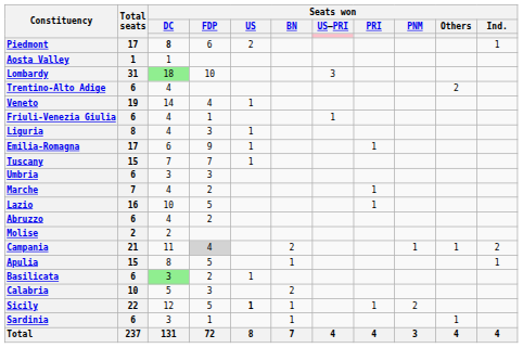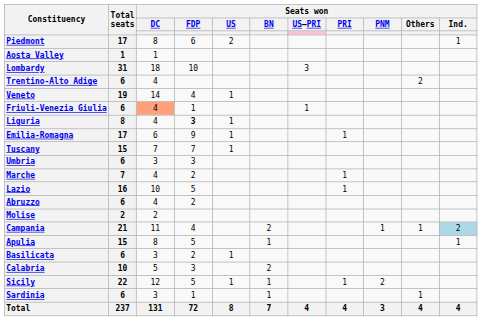 <table class="wikitable" style="text-align:center; font-size: 0.9em">
 <tr>
 <th rowspan="3">Constituency</th>
 <th rowspan="3">Total<br>seats</th>
 <th colspan="9">Seats won</th>
 </tr>
 <tr>
 <th class="unsortable" style="width:50px;"><a href='#'>DC</a></th>
 <th class="unsortable" style="width:50px;"><a href='#'>FDP</a></th>
 <th class="unsortable" style="width:50px;"><a href='#'>US</a></th>
 <th class="unsortable" style="width:50px;"><a href='#'>BN</a></th>
 <th class="unsortable" style="width:50px;"><a href='#'>US</a>–<a href='#'>PRI</a></th>
 <th class="unsortable" style="width:50px;"><a href='#'>PRI</a></th>
 <th class="unsortable" style="width:50px;"><a href='#'>PNM</a></th>
 <th class="unsortable" style="width:50px;">Others</th>
 <th class="unsortable" style="width:50px;">Ind.</th>
 </tr>
 <tr>
 <th style="background:"></th>
 <th style="background:"></th>
 <th style="background:"></th>
 <th style="background:"></th>
 <th style="background-color:pink"></th>
 <th style="background:"></th>
 <th style="background:"></th>
 <th style="background:"></th>
 <th style="background:"></th>
 </tr>
 <tr>
 <th style="text-align: left;"><a href='#'>Piedmont</a></th>
 <th>17</th>
-<td><strong>8</strong></td>
+<td>8</td>
 <td>6</td>
 <td>2</td>
 <td></td>
 <td></td>
 <td></td>
 <td></td>
 <td></td>
 <td>1</td>
 </tr>
 <tr>
 <th style="text-align: left;"><a href='#'>Aosta Valley</a></th>
 <th>1</th>
 <td>1</td>
 <td></td>
 <td></td>
 <td></td>
 <td></td>
 <td></td>
 <td></td>
 <td></td>
 <td></td>
 </tr>
 <tr>
 <th style="text-align: left;"><a href='#'>Lombardy</a></th>
 <th>31</th>
-<td style="background: lightgreen;">18</td>
+<td>18</td>
 <td>10</td>
 <td></td>
 <td></td>
 <td>3</td>
 <td></td>
 <td></td>
 <td></td>
 <td></td>
 </tr>
 <tr>
 <th style="text-align: left;"><a href='#'>Trentino-Alto Adige</a></th>
 <th>6</th>
 <td>4</td>
 <td></td>
 <td></td>
 <td></td>
 <td></td>
 <td></td>
 <td></td>
 <td>2</td>
 <td></td>
 </tr>
 <tr>
 <th style="text-align: left;"><a href='#'>Veneto</a></th>
 <th>19</th>
 <td>14</td>
 <td>4</td>
 <td>1</td>
 <td></td>
 <td></td>
 <td></td>
 <td></td>
 <td></td>
 <td></td>
 </tr>
 <tr>
 <th style="text-align: left;"><a href='#'>Friuli-Venezia Giulia</a></th>
 <th>6</th>
-<td>4</td>
+<td style="background: lightsalmon;">4</td>
 <td>1</td>
 <td></td>
 <td></td>
 <td>1</td>
 <td></td>
 <td></td>
 <td></td>
 <td></td>
 </tr>
 <tr>
 <th style="text-align: left;"><a href='#'>Liguria</a></th>
 <th>8</th>
 <td>4</td>
-<td>3</td>
+<td><strong>3</strong></td>
 <td>1</td>
 <td></td>
 <td></td>
 <td></td>
 <td></td>
 <td></td>
 <td></td>
 </tr>
 <tr>
 <th style="text-align: left;"><a href='#'>Emilia-Romagna</a></th>
 <th>17</th>
 <td>6</td>
 <td>9</td>
 <td>1</td>
 <td></td>
 <td></td>
 <td>1</td>
 <td></td>
 <td></td>
 <td></td>
 </tr>
 <tr>
 <th style="text-align: left;"><a href='#'>Tuscany</a></th>
 <th>15</th>
 <td>7</td>
 <td>7</td>
 <td>1</td>
 <td></td>
 <td></td>
 <td></td>
 <td></td>
 <td></td>
 <td></td>
 </tr>
 <tr>
 <th style="text-align: left;"><a href='#'>Umbria</a></th>
 <th>6</th>
 <td>3</td>
 <td>3</td>
 <td></td>
 <td></td>
 <td></td>
 <td></td>
 <td></td>
 <td></td>
 <td></td>
 </tr>
 <tr>
 <th style="text-align: left;"><a href='#'>Marche</a></th>
 <th>7</th>
 <td>4</td>
 <td>2</td>
 <td></td>
 <td></td>
 <td></td>
 <td>1</td>
 <td></td>
 <td></td>
 <td></td>
 </tr>
 <tr>
 <th style="text-align: left;"><a href='#'>Lazio</a></th>
 <th>16</th>
 <td>10</td>
 <td>5</td>
 <td></td>
 <td></td>
 <td></td>
 <td>1</td>
 <td></td>
 <td></td>
 <td></td>
 </tr>
 <tr>
 <th style="text-align: left;"><a href='#'>Abruzzo</a></th>
 <th>6</th>
 <td>4</td>
 <td>2</td>
 <td></td>
 <td></td>
 <td></td>
 <td></td>
 <td></td>
 <td></td>
 <td></td>
 </tr>
 <tr>
 <th style="text-align: left;"><a href='#'>Molise</a></th>
 <th>2</th>
 <td>2</td>
 <td></td>
 <td></td>
 <td></td>
 <td></td>
 <td></td>
 <td></td>
 <td></td>
 <td></td>
 </tr>
 <tr>
 <th style="text-align: left;"><a href='#'>Campania</a></th>
 <th>21</th>
 <td>11</td>
-<td style="background: lightgrey;">4</td>
+<td>4</td>
 <td></td>
 <td>2</td>
 <td></td>
 <td></td>
 <td>1</td>
 <td>1</td>
-<td>2</td>
+<td style="background: lightblue;">2</td>
 </tr>
 <tr>
 <th style="text-align: left;"><a href='#'>Apulia</a></th>
 <th>15</th>
 <td>8</td>
 <td>5</td>
 <td></td>
 <td>1</td>
 <td></td>
 <td></td>
 <td></td>
 <td></td>
 <td>1</td>
 </tr>
 <tr>
 <th style="text-align: left;"><a href='#'>Basilicata</a></th>
 <th>6</th>
-<td style="background: lightgreen;">3</td>
+<td>3</td>
 <td>2</td>
 <td>1</td>
 <td></td>
 <td></td>
 <td></td>
 <td></td>
 <td></td>
 <td></td>
 </tr>
 <tr>
 <th style="text-align: left;"><a href='#'>Calabria</a></th>
 <th>10</th>
 <td>5</td>
 <td>3</td>
 <td></td>
 <td>2</td>
 <td></td>
 <td></td>
 <td></td>
 <td></td>
 <td></td>
 </tr>
 <tr>
 <th style="text-align: left;"><a href='#'>Sicily</a></th>
 <th>22</th>
 <td>12</td>
 <td>5</td>
-<td><strong>1</strong></td>
+<td>1</td>
 <td>1</td>
 <td></td>
 <td>1</td>
 <td>2</td>
 <td></td>
 <td></td>
 </tr>
 <tr>
 <th style="text-align: left;"><a href='#'>Sardinia</a></th>
 <th>6</th>
 <td>3</td>
 <td>1</td>
 <td></td>
 <td>1</td>
 <td></td>
 <td></td>
 <td></td>
 <td>1</td>
 <td></td>
 </tr>
 <tr>
 <th style="text-align: left;">Total</th>
 <th>237</th>
 <th>131</th>
 <th>72</th>
 <th>8</th>
 <th>7</th>
 <th>4</th>
 <th>4</th>
 <th>3</th>
 <th>4</th>
 <th>4</th>
 </tr>
 </table>
